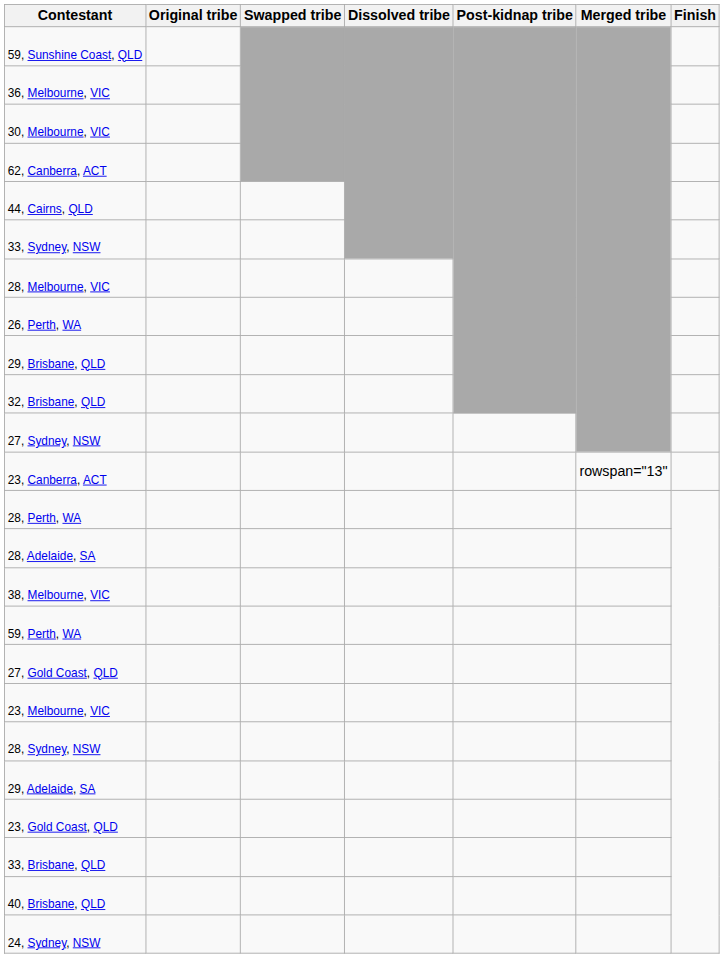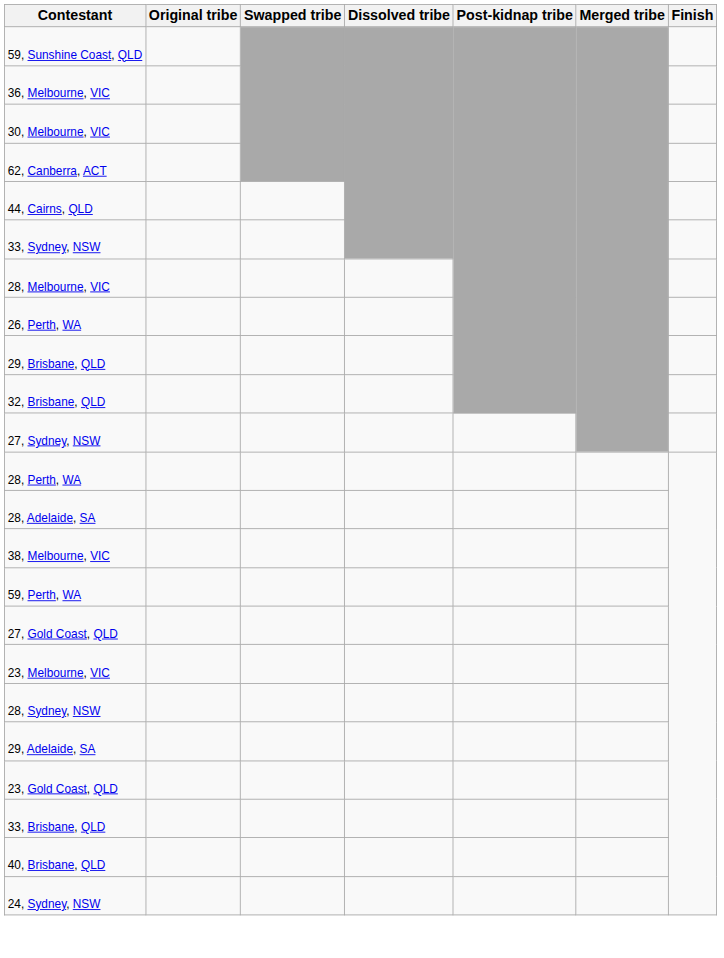 <table class="wikitable sortable" style="text-align:center;">
 <tr>
 <th>Contestant</th>
 <th>Original tribe</th>
 <th>Swapped tribe</th>
 <th>Dissolved tribe</th>
 <th>Post-kidnap tribe</th>
 <th>Merged tribe</th>
 <th>Finish</th>
 </tr>
 <tr>
 <td align="left"><strong></strong><br><small>59, <a href='#'>Sunshine Coast</a>, <a href='#'>QLD</a></small></td>
 <td></td>
 <td style="background:darkgrey;" rowspan="4"></td>
 <td style="background:darkgrey;" rowspan="6"></td>
 <td style="background:darkgrey;" rowspan="10"></td>
 <td style="background:darkgrey;" rowspan="11"></td>
 <td></td>
 </tr>
 <tr>
 <td align="left"><strong></strong><br><small>36, <a href='#'>Melbourne</a>, <a href='#'>VIC</a></small></td>
 <td></td>
 <td></td>
 </tr>
 <tr>
 <td align="left"><strong></strong><br><small>30, <a href='#'>Melbourne</a>, <a href='#'>VIC</a></small></td>
 <td></td>
 <td></td>
 </tr>
 <tr>
 <td align="left"><strong></strong><br><small>62, <a href='#'>Canberra</a>, <a href='#'>ACT</a></small></td>
 <td></td>
 <td></td>
 </tr>
 <tr>
 <td align="left"><strong></strong><br><small>44, <a href='#'>Cairns</a>, <a href='#'>QLD</a></small></td>
 <td></td>
 <td></td>
 <td></td>
 </tr>
 <tr>
 <td align="left"><strong></strong><br><small>33, <a href='#'>Sydney</a>, <a href='#'>NSW</a></small></td>
 <td></td>
 <td></td>
 <td></td>
 </tr>
 <tr>
 <td align="left"><strong></strong><br><small>28, <a href='#'>Melbourne</a>, <a href='#'>VIC</a></small></td>
 <td></td>
 <td></td>
 <td></td>
 <td></td>
 </tr>
 <tr>
 <td align="left"><strong></strong><br><small>26, <a href='#'>Perth</a>, <a href='#'>WA</a></small></td>
 <td></td>
 <td></td>
 <td></td>
 <td></td>
 </tr>
 <tr>
 <td align="left"><strong></strong><br><small>29, <a href='#'>Brisbane</a>, <a href='#'>QLD</a></small></td>
 <td></td>
 <td></td>
 <td></td>
 <td></td>
 </tr>
 <tr>
 <td align="left"><strong></strong><br><small>32, <a href='#'>Brisbane</a>, <a href='#'>QLD</a></small></td>
 <td></td>
 <td></td>
 <td></td>
 <td></td>
 </tr>
 <tr>
 <td align="left"><strong></strong><br><small>27, <a href='#'>Sydney</a>, <a href='#'>NSW</a></small></td>
 <td></td>
 <td></td>
 <td></td>
 <td></td>
-<td></td>
-</tr>
-<tr>
-<td align="left"><strong></strong><br><small>23, <a href='#'>Canberra</a>, <a href='#'>ACT</a></small></td>
-<td></td>
-<td></td>
-<td></td>
-<td></td>
-<td>rowspan="13" </td>
 <td></td>
 </tr>
 <tr>
 <td align="left"><strong></strong><br><small>28, <a href='#'>Perth</a>, <a href='#'>WA</a></small></td>
 <td></td>
 <td></td>
 <td></td>
 <td></td>
 <td></td>
 </tr>
 <tr>
 <td align="left"><strong></strong><br><small>28, <a href='#'>Adelaide</a>, <a href='#'>SA</a></small></td>
 <td></td>
 <td></td>
 <td></td>
 <td></td>
 <td></td>
 </tr>
 <tr>
 <td align="left"><strong></strong><br><small>38, <a href='#'>Melbourne</a>, <a href='#'>VIC</a></small></td>
 <td></td>
 <td></td>
 <td></td>
 <td></td>
 <td></td>
 </tr>
 <tr>
 <td align="left"><strong></strong><br><small>59, <a href='#'>Perth</a>, <a href='#'>WA</a></small></td>
 <td></td>
 <td></td>
 <td></td>
 <td></td>
 <td></td>
 </tr>
 <tr>
 <td align="left"><strong></strong><br><small>27, <a href='#'>Gold Coast</a>, <a href='#'>QLD</a></small></td>
 <td></td>
 <td></td>
 <td></td>
 <td></td>
 <td></td>
 </tr>
 <tr>
 <td align="left"><strong></strong><br><small>23, <a href='#'>Melbourne</a>, <a href='#'>VIC</a></small></td>
 <td></td>
 <td></td>
 <td></td>
 <td></td>
 <td></td>
 </tr>
 <tr>
 <td align="left"><strong></strong><br><small>28, <a href='#'>Sydney</a>, <a href='#'>NSW</a></small></td>
 <td></td>
 <td></td>
 <td></td>
 <td></td>
 <td></td>
 </tr>
 <tr>
 <td align="left"><strong></strong><br><small>29, <a href='#'>Adelaide</a>, <a href='#'>SA</a></small></td>
 <td></td>
 <td></td>
 <td></td>
 <td></td>
 <td></td>
 </tr>
 <tr>
 <td align="left"><strong></strong><br><small>23, <a href='#'>Gold Coast</a>, <a href='#'>QLD</a></small></td>
 <td></td>
 <td></td>
 <td></td>
 <td></td>
 <td></td>
 </tr>
 <tr>
 <td align="left"><strong></strong><br><small>33, <a href='#'>Brisbane</a>, <a href='#'>QLD</a></small></td>
 <td></td>
 <td></td>
 <td></td>
 <td></td>
 <td></td>
 </tr>
 <tr>
 <td align="left"><strong></strong><br><small>40, <a href='#'>Brisbane</a>, <a href='#'>QLD</a></small></td>
 <td></td>
 <td></td>
 <td></td>
 <td></td>
 <td></td>
 </tr>
 <tr>
 <td align="left"><strong></strong><br><small>24, <a href='#'>Sydney</a>, <a href='#'>NSW</a></small></td>
 <td></td>
 <td></td>
 <td></td>
 <td></td>
 <td></td>
 </tr>
 </table>
